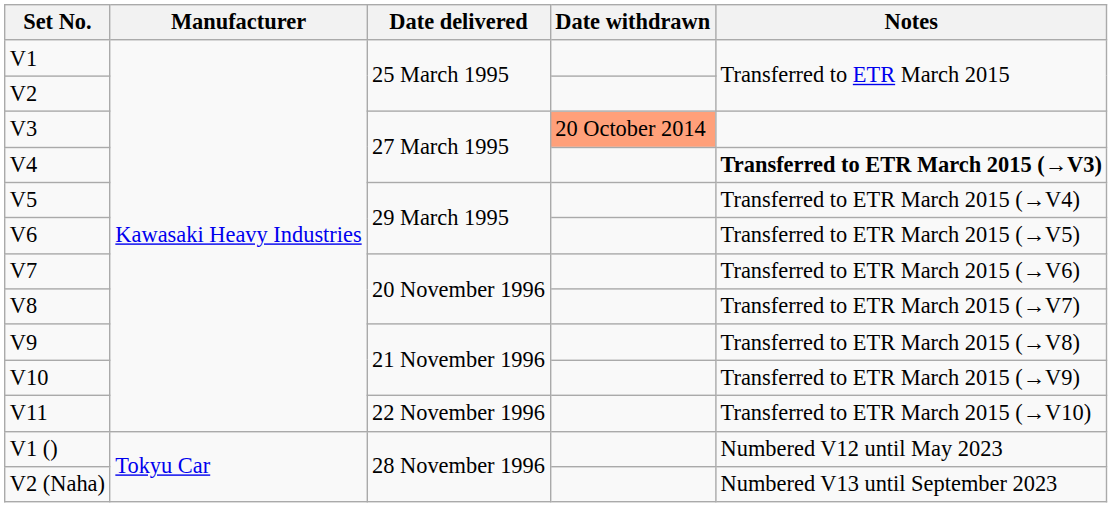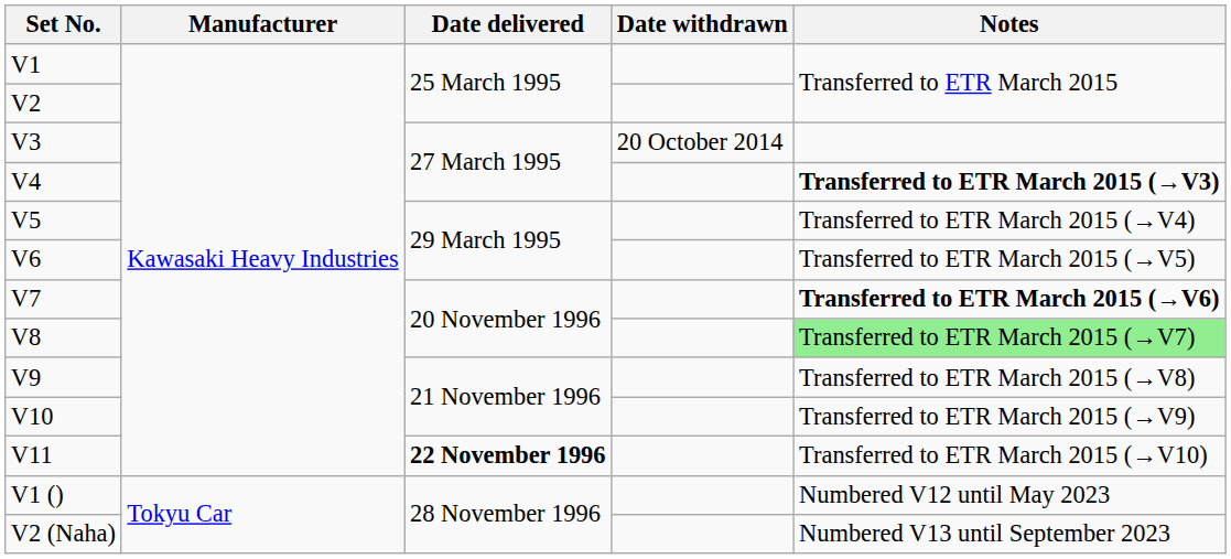 <table class="wikitable">
 <tr>
 <th>Set No.</th>
 <th>Manufacturer</th>
 <th>Date delivered</th>
 <th>Date withdrawn</th>
 <th>Notes</th>
 </tr>
 <tr>
 <td>V1</td>
 <td rowspan="11"><a href='#'>Kawasaki Heavy Industries</a></td>
 <td rowspan="2">25 March 1995</td>
 <td></td>
 <td rowspan="2">Transferred to <a href='#'>ETR</a> March 2015</td>
 </tr>
 <tr>
 <td>V2</td>
 <td></td>
 </tr>
 <tr>
 <td>V3</td>
 <td rowspan="2">27 March 1995</td>
-<td style="background: lightsalmon;">20 October 2014</td>
+<td>20 October 2014</td>
 <td></td>
 </tr>
 <tr>
 <td>V4</td>
 <td></td>
 <td><strong>Transferred to ETR March 2015 (→V3)</strong></td>
 </tr>
 <tr>
 <td>V5</td>
 <td rowspan="2">29 March 1995</td>
 <td></td>
 <td>Transferred to ETR March 2015 (→V4)</td>
 </tr>
 <tr>
 <td>V6</td>
 <td></td>
 <td>Transferred to ETR March 2015 (→V5)</td>
 </tr>
 <tr>
 <td>V7</td>
 <td rowspan="2">20 November 1996</td>
 <td></td>
-<td>Transferred to ETR March 2015 (→V6)</td>
+<td><strong>Transferred to ETR March 2015 (→V6)</strong></td>
 </tr>
 <tr>
 <td>V8</td>
 <td></td>
-<td>Transferred to ETR March 2015 (→V7)</td>
+<td style="background: lightgreen;">Transferred to ETR March 2015 (→V7)</td>
 </tr>
 <tr>
 <td>V9</td>
 <td rowspan="2">21 November 1996</td>
 <td></td>
 <td>Transferred to ETR March 2015 (→V8)</td>
 </tr>
 <tr>
 <td>V10</td>
 <td></td>
 <td>Transferred to ETR March 2015 (→V9)</td>
 </tr>
 <tr>
 <td>V11</td>
-<td>22 November 1996</td>
+<td><strong>22 November 1996</strong></td>
 <td></td>
 <td>Transferred to ETR March 2015 (→V10)</td>
 </tr>
 <tr>
 <td>V1 ()</td>
 <td rowspan="2"><a href='#'>Tokyu Car</a></td>
 <td rowspan="2">28 November 1996</td>
 <td></td>
 <td>Numbered V12 until May 2023</td>
 </tr>
 <tr>
 <td>V2 (Naha)</td>
 <td></td>
 <td>Numbered V13 until September 2023</td>
 </tr>
 </table>
